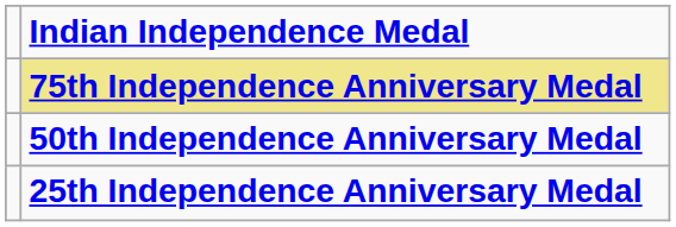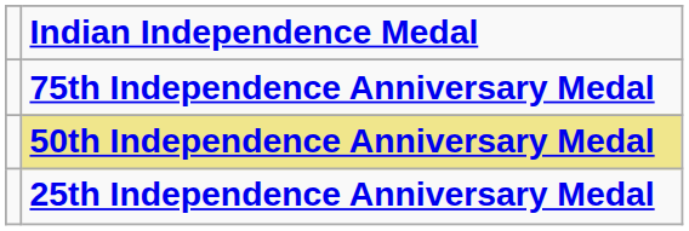 <table class="wikitable">
 <tr>
 <td></td>
 <td width="300"><strong><a href='#'>Indian Independence Medal</a></strong></td>
 </tr>
 <tr>
 <td></td>
-<td width="300" style="background: khaki;"><strong><a href='#'>75th Independence Anniversary Medal</a></strong></td>
+<td width="300"><strong><a href='#'>75th Independence Anniversary Medal</a></strong></td>
 </tr>
 <tr>
 <td></td>
-<td width="300"><strong><a href='#'>50th Independence Anniversary Medal</a></strong></td>
+<td width="300" style="background: khaki;"><strong><a href='#'>50th Independence Anniversary Medal</a></strong></td>
 </tr>
 <tr>
 <td></td>
 <td width="300"><strong><a href='#'>25th Independence Anniversary Medal</a></strong></td>
 </tr>
 </table>
